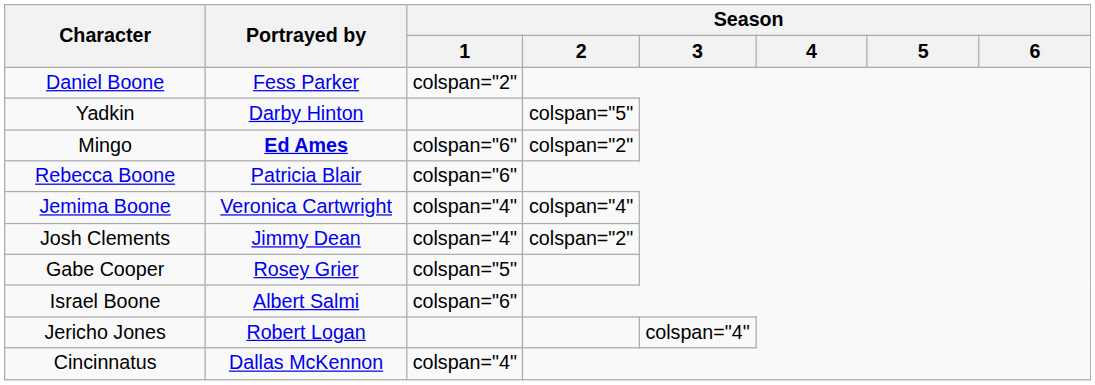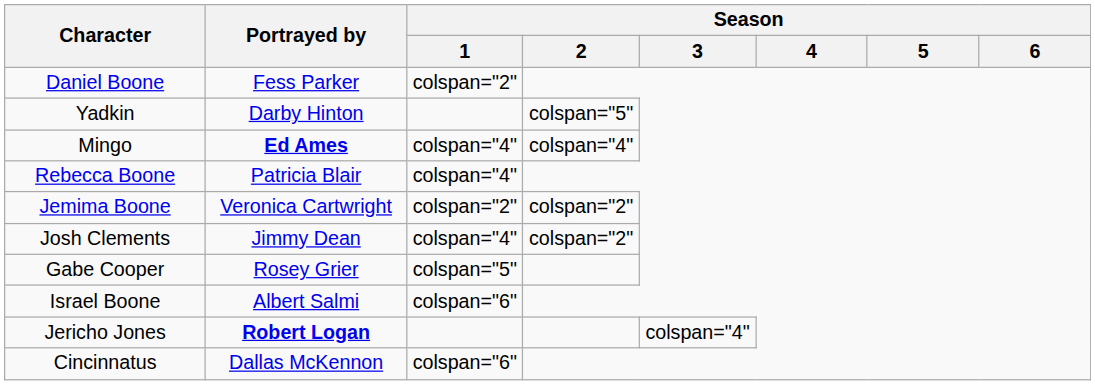 <table class="wikitable" width="100%">
 <tr>
 <th width=18% rowspan="2">Character</th>
 <th width=18% rowspan="2">Portrayed by</th>
 <th colspan="6">Season</th>
 </tr>
 <tr>
 <th width=10%>1</th>
 <th width=10%>2</th>
 <th width=10%>3</th>
 <th width=10%>4</th>
 <th width=10%>5</th>
 <th width=10%>6</th>
 </tr>
 <tr align="center">
 <td><a href='#'>Daniel Boone</a></td>
 <td><a href='#'>Fess Parker</a></td>
 <td>colspan="2"</td>
 </tr>
 <tr align="center">
 <td>Yadkin</td>
 <td><a href='#'>Darby Hinton</a></td>
 <td></td>
 <td>colspan="5"</td>
 </tr>
 <tr align="center">
 <td>Mingo</td>
 <td><strong><a href='#'>Ed Ames</a></strong></td>
-<td>colspan="6"</td>
-<td>colspan="2"</td>
+<td>colspan="4"</td>
+<td>colspan="4"</td>
 </tr>
 <tr align="center">
 <td><a href='#'>Rebecca Boone</a></td>
 <td><a href='#'>Patricia Blair</a></td>
-<td>colspan="6"</td>
+<td>colspan="4"</td>
 </tr>
 <tr align="center">
 <td><a href='#'>Jemima Boone</a></td>
 <td><a href='#'>Veronica Cartwright</a></td>
-<td>colspan="4"</td>
-<td>colspan="4"</td>
+<td>colspan="2"</td>
+<td>colspan="2"</td>
 </tr>
 <tr align="center">
 <td>Josh Clements</td>
 <td><a href='#'>Jimmy Dean</a></td>
 <td>colspan="4"</td>
 <td>colspan="2"</td>
 </tr>
 <tr align="center">
 <td>Gabe Cooper</td>
 <td><a href='#'>Rosey Grier</a></td>
 <td>colspan="5"</td>
 <td></td>
 </tr>
 <tr align="center">
 <td>Israel Boone</td>
 <td><a href='#'>Albert Salmi</a></td>
 <td>colspan="6"</td>
 </tr>
 <tr align="center">
 <td>Jericho Jones</td>
-<td><a href='#'>Robert Logan</a></td>
+<td><strong><a href='#'>Robert Logan</a></strong></td>
 <td></td>
 <td></td>
 <td>colspan="4"</td>
 </tr>
 <tr align="center">
 <td>Cincinnatus</td>
 <td><a href='#'>Dallas McKennon</a></td>
-<td>colspan="4"</td>
+<td>colspan="6"</td>
 </tr>
 </table>
